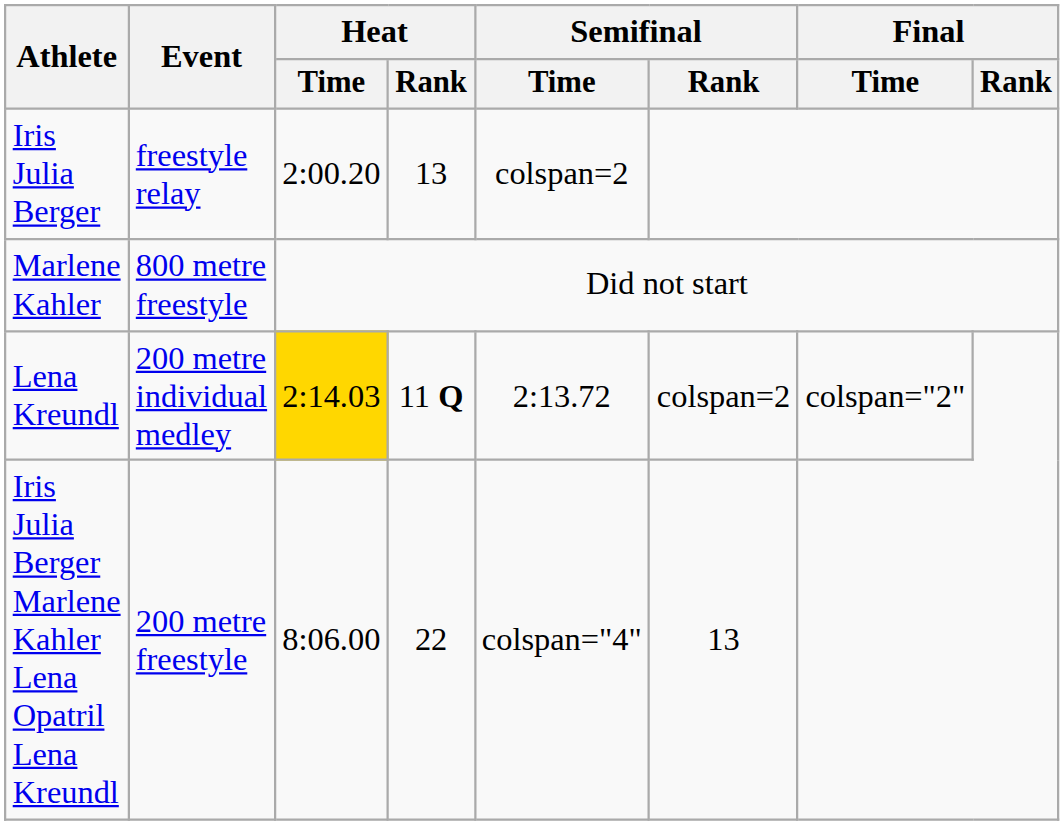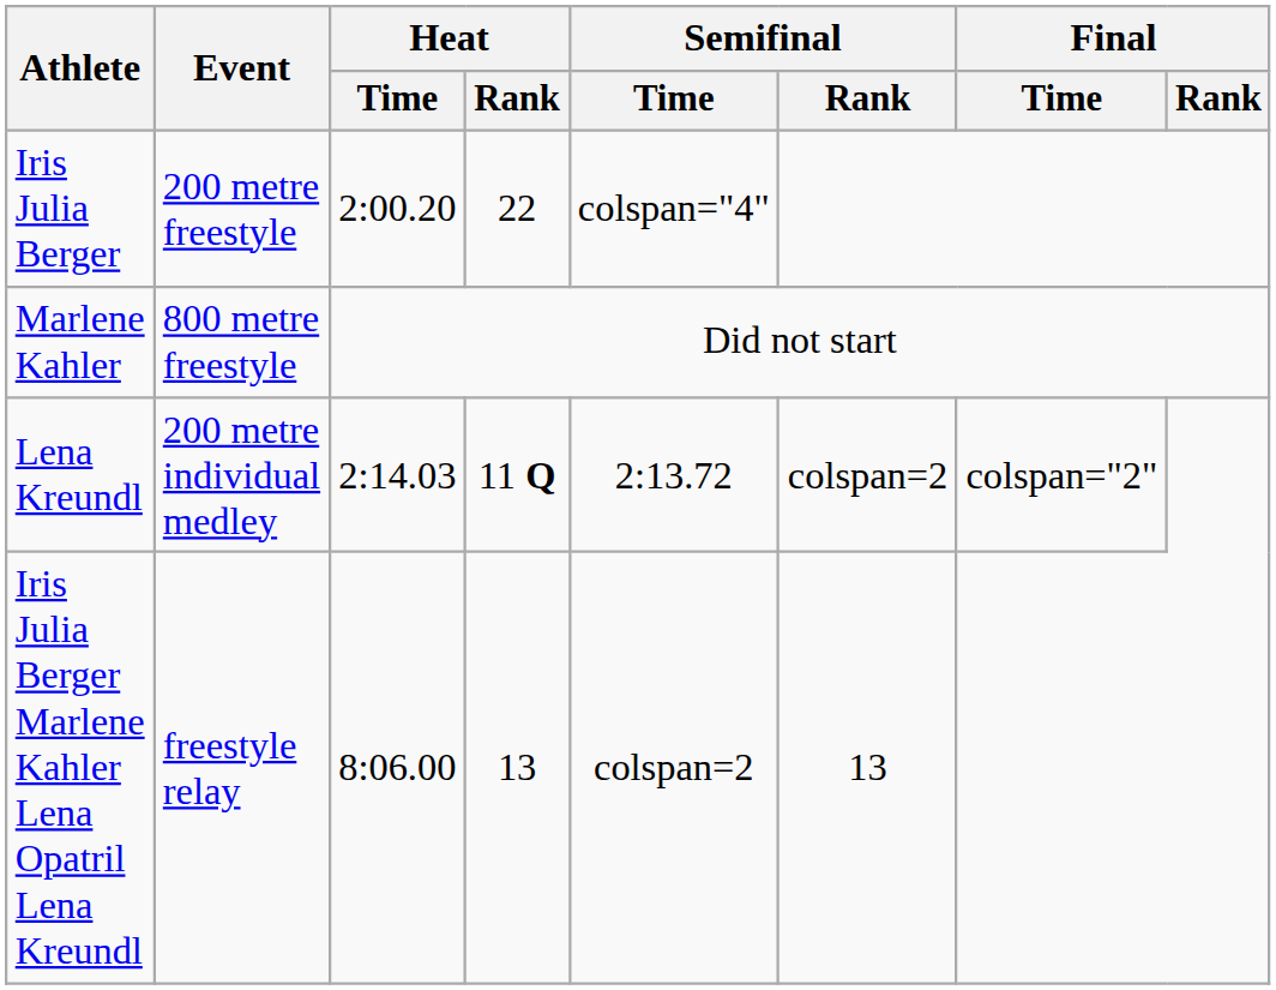 <table class="wikitable" style="text-align:center; font-size:90%; width:50%;">
 <tr>
 <th rowspan="2">Athlete</th>
 <th rowspan="2">Event</th>
 <th colspan="2">Heat</th>
 <th colspan="2">Semifinal</th>
 <th colspan="2">Final</th>
 </tr>
 <tr style="font-size:95%">
 <th>Time</th>
 <th>Rank</th>
 <th>Time</th>
 <th>Rank</th>
 <th>Time</th>
 <th>Rank</th>
 </tr>
 <tr>
 <td align=left><a href='#'>Iris Julia Berger</a></td>
-<td align=left><a href='#'> freestyle relay</a></td>
+<td align=left><a href='#'>200 metre freestyle</a></td>
 <td>2:00.20</td>
-<td>13</td>
-<td>colspan=2 </td>
+<td>22</td>
+<td>colspan="4" </td>
 </tr>
 <tr align=center>
 <td align=left><a href='#'>Marlene Kahler</a></td>
 <td align=left><a href='#'>800 metre freestyle</a></td>
 <td colspan="6">Did not start</td>
 </tr>
 <tr>
 <td align=left><a href='#'>Lena Kreundl</a></td>
 <td align=left><a href='#'>200 metre individual medley</a></td>
-<td style="background: gold;">2:14.03</td>
+<td>2:14.03</td>
 <td>11 <strong>Q</strong></td>
 <td>2:13.72</td>
 <td>colspan=2 </td>
 <td>colspan="2" </td>
 </tr>
 <tr>
 <td align=left><a href='#'>Iris Julia Berger</a> <br><a href='#'>Marlene Kahler</a><br><a href='#'>Lena Opatril</a> <br><a href='#'>Lena Kreundl</a></td>
-<td align=left><a href='#'>200 metre freestyle</a></td>
+<td align=left><a href='#'> freestyle relay</a></td>
 <td>8:06.00</td>
-<td>22</td>
-<td>colspan="4" </td>
+<td>13</td>
+<td>colspan=2 </td>
 <td>13</td>
 </tr>
 </table>
